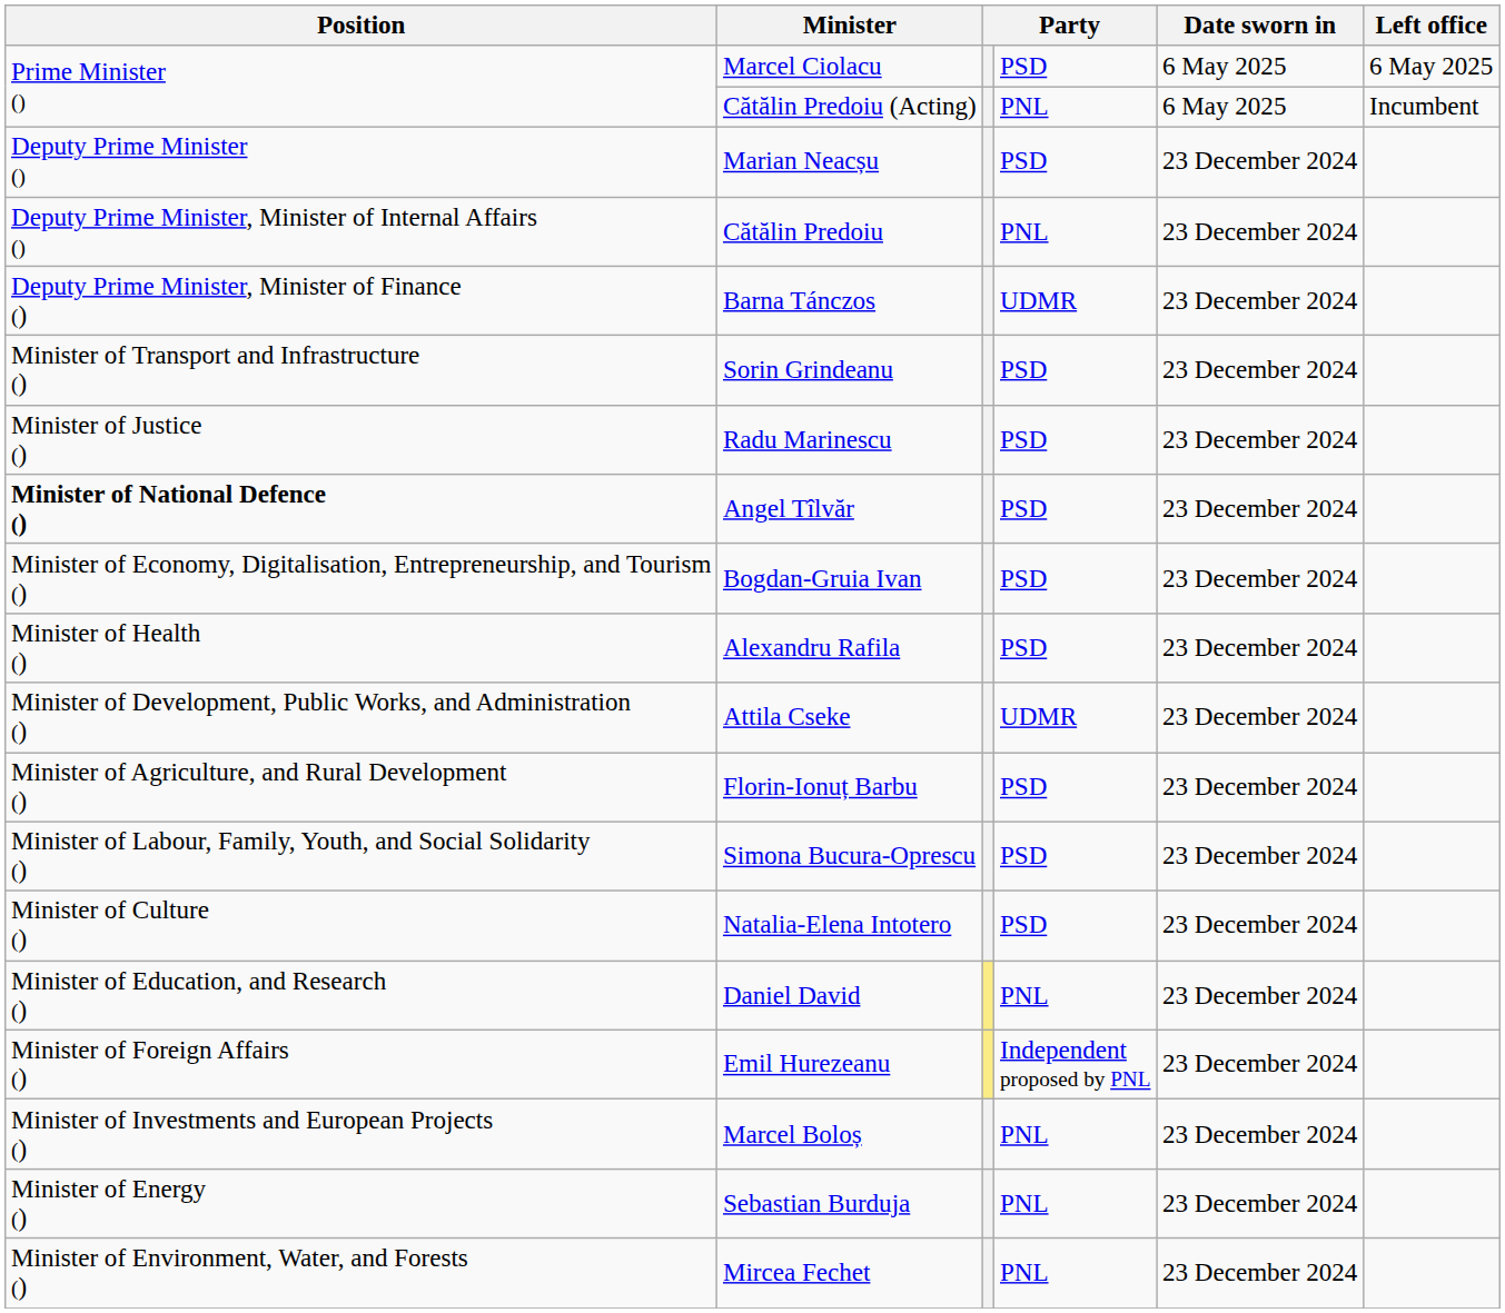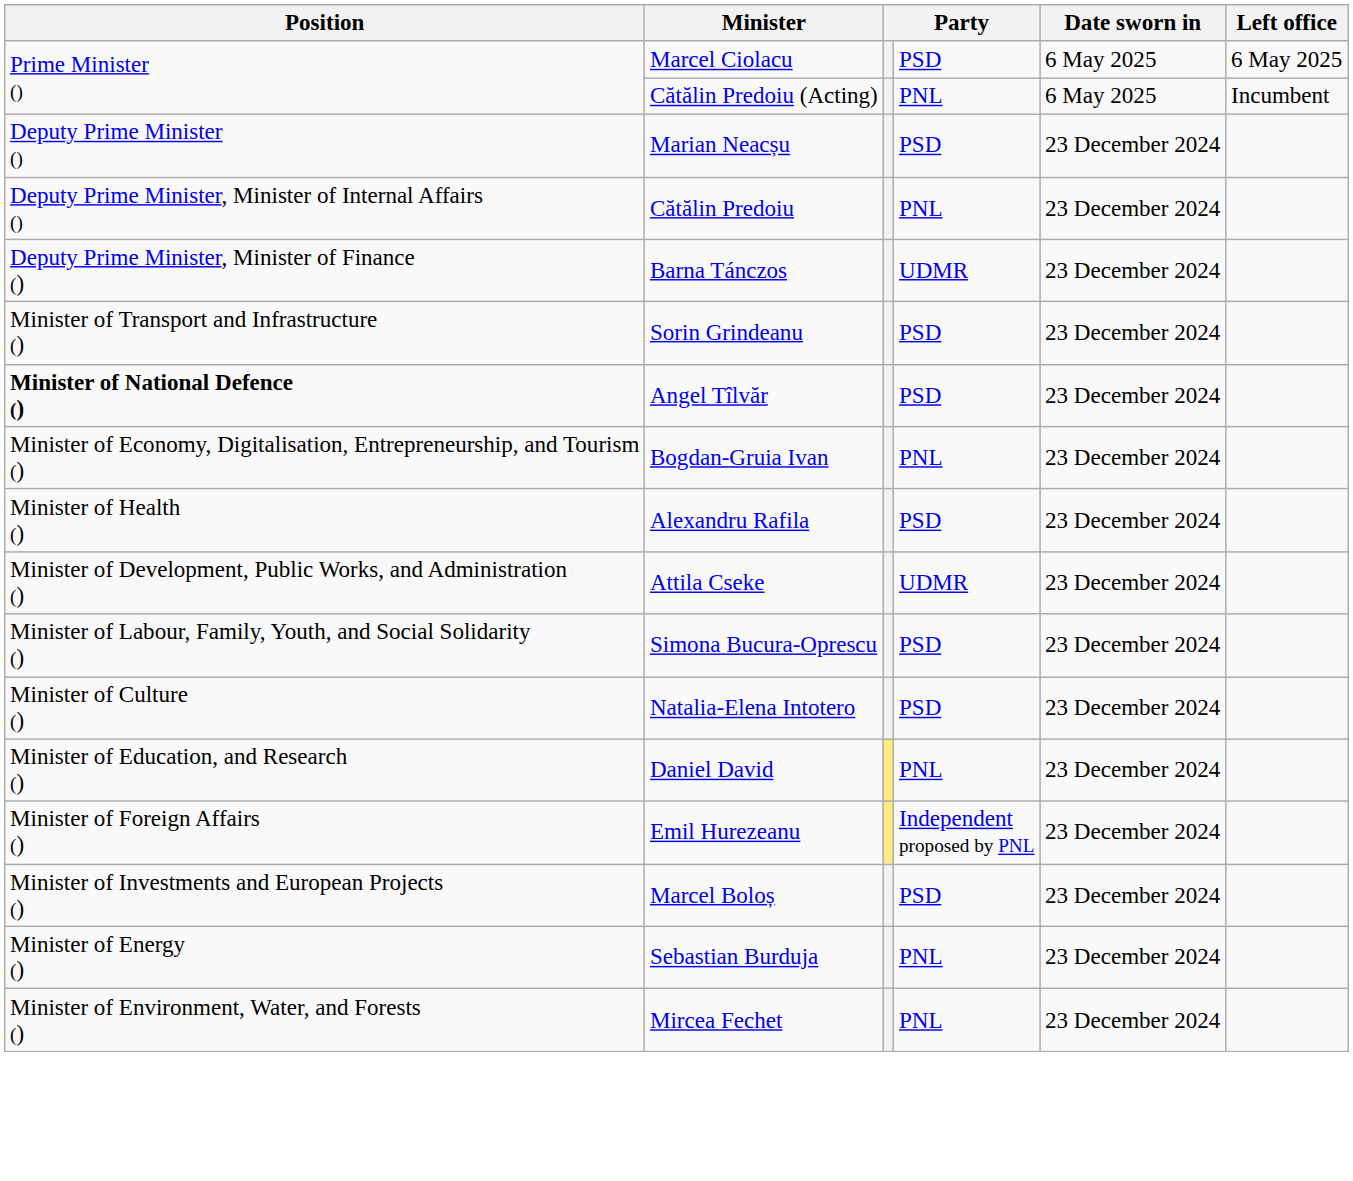 <table class="wikitable">
 <tr>
 <th>Position</th>
 <th>Minister</th>
 <th colspan="2">Party</th>
 <th>Date sworn in</th>
 <th>Left office</th>
 </tr>
 <tr>
 <td rowspan="2"><a href='#'>Prime Minister</a><br><small>()</small></td>
 <td style="vertical-align:middle;"><a href='#'>Marcel Ciolacu</a></td>
 <th style="background-color: "></th>
 <td style="vertical-align:middle;"><a href='#'>PSD</a></td>
 <td>6 May 2025</td>
 <td>6 May 2025</td>
 </tr>
 <tr>
 <td style="vertical-align:middle;"><a href='#'>Cătălin Predoiu</a> (Acting)</td>
 <th style="background-color: "></th>
 <td style="vertical-align:middle;"><a href='#'>PNL</a></td>
 <td>6 May 2025</td>
 <td>Incumbent</td>
 </tr>
 <tr>
 <td><a href='#'>Deputy Prime Minister</a><br><small>()</small></td>
 <td style="vertical-align:middle;"><a href='#'>Marian Neacșu</a></td>
 <th style="background-color: "></th>
 <td style="vertical-align:middle;"><a href='#'>PSD</a></td>
 <td>23 December 2024</td>
 <td></td>
 </tr>
 <tr>
 <td><a href='#'>Deputy Prime Minister</a>, Minister of Internal Affairs<br><small>()</small></td>
 <td style="vertical-align:middle;"><a href='#'>Cătălin Predoiu</a></td>
 <th style="background-color: "></th>
 <td style="vertical-align:middle;"><a href='#'>PNL</a></td>
 <td>23 December 2024</td>
 <td></td>
 </tr>
 <tr>
 <td style="vertical-align:middle;"><a href='#'>Deputy Prime Minister</a>, Minister of Finance<br><small>(</small>)</td>
 <td style="vertical-align:middle;"><a href='#'>Barna Tánczos</a></td>
 <th style="background-color: "></th>
 <td style="vertical-align:middle;"><a href='#'>UDMR</a></td>
 <td>23 December 2024</td>
 <td></td>
 </tr>
 <tr>
 <td style="vertical-align:middle;">Minister of Transport and Infrastructure<br><small>(</small>)</td>
 <td style="vertical-align:middle;"><a href='#'>Sorin Grindeanu</a></td>
 <th style="background-color: "></th>
 <td style="vertical-align:middle;"><a href='#'>PSD</a></td>
 <td>23 December 2024</td>
 <td></td>
 </tr>
 <tr>
-<td style="vertical-align:middle;">Minister of Justice<br><small>(</small>)</td>
-<td style="vertical-align:middle;"><a href='#'>Radu Marinescu</a></td>
-<th style="background-color: "></th>
-<td style="vertical-align:middle;"><a href='#'>PSD</a></td>
-<td>23 December 2024</td>
-<td></td>
-</tr>
-<tr>
 <td style="vertical-align:middle;"><strong>Minister of National Defence<br><small>(</small>)</strong></td>
 <td style="vertical-align:middle;"><a href='#'>Angel Tîlvăr</a></td>
 <th style="background-color: "></th>
 <td style="vertical-align:middle;"><a href='#'>PSD</a></td>
 <td>23 December 2024</td>
 <td></td>
 </tr>
 <tr>
 <td style="vertical-align:middle;">Minister of Economy, Digitalisation, Entrepreneurship, and Tourism<br><small>(</small>)</td>
 <td style="vertical-align:middle;"><a href='#'>Bogdan-Gruia Ivan</a></td>
 <th style="background-color: "></th>
-<td style="vertical-align:middle;"><a href='#'>PSD</a></td>
+<td style="vertical-align:middle;"><a href='#'>PNL</a></td>
 <td>23 December 2024</td>
 <td></td>
 </tr>
 <tr>
 <td style="vertical-align:middle;">Minister of Health<br><small>(</small>)</td>
 <td style="vertical-align:middle;"><a href='#'>Alexandru Rafila</a></td>
 <th style="background-color: "></th>
 <td style="vertical-align:middle;"><a href='#'>PSD</a></td>
 <td>23 December 2024</td>
 <td></td>
 </tr>
 <tr>
 <td style="vertical-align:middle;">Minister of Development, Public Works, and Administration<br><small>(</small>)</td>
 <td style="vertical-align:middle;"><a href='#'>Attila Cseke</a></td>
 <th style="background-color: "></th>
 <td style="vertical-align:middle;"><a href='#'>UDMR</a></td>
-<td>23 December 2024</td>
-<td></td>
-</tr>
-<tr>
-<td style="vertical-align:middle;">Minister of Agriculture, and Rural Development<br><small>(</small>)</td>
-<td style="vertical-align:middle;"><a href='#'>Florin-Ionuț Barbu</a></td>
-<th style="background-color: "></th>
-<td style="vertical-align:middle;"><a href='#'>PSD</a></td>
 <td>23 December 2024</td>
 <td></td>
 </tr>
 <tr>
 <td style="vertical-align:middle;">Minister of Labour, Family, Youth, and Social Solidarity<br><small>(</small>)</td>
 <td style="vertical-align:middle;"><a href='#'>Simona Bucura-Oprescu</a></td>
 <th style="background-color: "></th>
 <td style="vertical-align:middle;"><a href='#'>PSD</a></td>
 <td>23 December 2024</td>
 <td></td>
 </tr>
 <tr>
 <td style="vertical-align:middle;">Minister of Culture<br><small>(</small>)</td>
 <td style="vertical-align:middle;"><a href='#'>Natalia-Elena Intotero</a></td>
 <th style="background-color: "></th>
 <td style="vertical-align:middle;"><a href='#'>PSD</a></td>
 <td>23 December 2024</td>
 <td></td>
 </tr>
 <tr>
 <td style="vertical-align:middle;">Minister of Education, and Research<br><small>(</small>)</td>
 <td style="vertical-align:middle;"><a href='#'>Daniel David</a></td>
 <th style="background-color: #ffdd0077"></th>
 <td style="vertical-align:middle;"><a href='#'>PNL</a></td>
 <td>23 December 2024</td>
 <td></td>
 </tr>
 <tr>
 <td style="vertical-align:middle;">Minister of Foreign Affairs<br><small>(</small>)</td>
 <td style="vertical-align:middle;"><a href='#'>Emil Hurezeanu</a></td>
 <th style="background-color: #ffdd0077"></th>
 <td style="vertical-align:middle;"><a href='#'>Independent</a><br><small>proposed by <a href='#'>PNL</a></small></td>
 <td>23 December 2024</td>
 <td></td>
 </tr>
 <tr>
 <td style="vertical-align:middle;">Minister of Investments and European Projects<br><small>(</small>)</td>
 <td style="vertical-align:middle;"><a href='#'>Marcel Boloș</a></td>
 <th style="background-color: "></th>
-<td style="vertical-align:middle;"><a href='#'>PNL</a></td>
+<td style="vertical-align:middle;"><a href='#'>PSD</a></td>
 <td>23 December 2024</td>
 <td></td>
 </tr>
 <tr>
 <td style="vertical-align:middle;">Minister of Energy<br><small>(</small>)</td>
 <td style="vertical-align:middle;"><a href='#'>Sebastian Burduja</a></td>
 <th style="background-color: "></th>
 <td style="vertical-align:middle;"><a href='#'>PNL</a></td>
 <td>23 December 2024</td>
 <td></td>
 </tr>
 <tr>
 <td style="vertical-align:middle;">Minister of Environment, Water, and Forests<br><small>(</small>)</td>
 <td style="vertical-align:middle;"><a href='#'>Mircea Fechet</a></td>
 <th style="background-color: "></th>
 <td style="vertical-align:middle;"><a href='#'>PNL</a></td>
 <td>23 December 2024</td>
 <td></td>
 </tr>
 </table>
